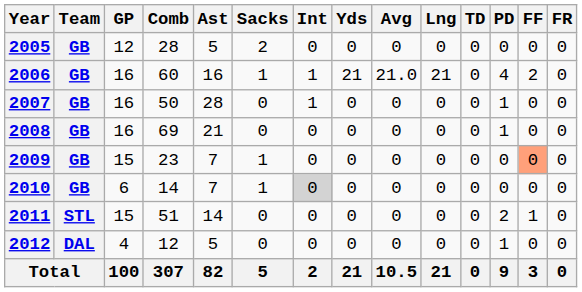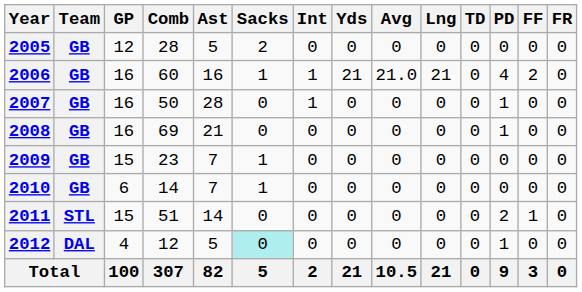 <table class="wikitable" style="text-align: center;">
 <tr>
 <th>Year</th>
 <th>Team</th>
 <th>GP</th>
 <th>Comb</th>
 <th>Ast</th>
 <th>Sacks</th>
 <th>Int</th>
 <th>Yds</th>
 <th>Avg</th>
 <th>Lng</th>
 <th>TD</th>
 <th>PD</th>
 <th>FF</th>
 <th>FR</th>
 </tr>
 <tr>
 <th><a href='#'>2005</a></th>
 <th><a href='#'>GB</a></th>
 <td>12</td>
 <td>28</td>
 <td>5</td>
 <td>2</td>
 <td>0</td>
 <td>0</td>
 <td>0</td>
 <td>0</td>
 <td>0</td>
 <td>0</td>
 <td>0</td>
 <td>0</td>
 </tr>
 <tr>
 <th><a href='#'>2006</a></th>
 <th><a href='#'>GB</a></th>
 <td>16</td>
 <td>60</td>
 <td>16</td>
 <td>1</td>
 <td>1</td>
 <td>21</td>
 <td>21.0</td>
 <td>21</td>
 <td>0</td>
 <td>4</td>
 <td>2</td>
 <td>0</td>
 </tr>
 <tr>
 <th><a href='#'>2007</a></th>
 <th><a href='#'>GB</a></th>
 <td>16</td>
 <td>50</td>
 <td>28</td>
 <td>0</td>
 <td>1</td>
 <td>0</td>
 <td>0</td>
 <td>0</td>
 <td>0</td>
 <td>1</td>
 <td>0</td>
 <td>0</td>
 </tr>
 <tr>
 <th><a href='#'>2008</a></th>
 <th><a href='#'>GB</a></th>
 <td>16</td>
 <td>69</td>
 <td>21</td>
 <td>0</td>
 <td>0</td>
 <td>0</td>
 <td>0</td>
 <td>0</td>
 <td>0</td>
 <td>1</td>
 <td>0</td>
 <td>0</td>
 </tr>
 <tr>
 <th><a href='#'>2009</a></th>
 <th><a href='#'>GB</a></th>
 <td>15</td>
 <td>23</td>
 <td>7</td>
 <td>1</td>
 <td>0</td>
 <td>0</td>
 <td>0</td>
 <td>0</td>
 <td>0</td>
 <td>0</td>
-<td style="background: lightsalmon;">0</td>
+<td>0</td>
 <td>0</td>
 </tr>
 <tr>
 <th><a href='#'>2010</a></th>
 <th><a href='#'>GB</a></th>
 <td>6</td>
 <td>14</td>
 <td>7</td>
 <td>1</td>
-<td style="background: lightgrey;">0</td>
+<td>0</td>
 <td>0</td>
 <td>0</td>
 <td>0</td>
 <td>0</td>
 <td>0</td>
 <td>0</td>
 <td>0</td>
 </tr>
 <tr>
 <th><a href='#'>2011</a></th>
 <th><a href='#'>STL</a></th>
 <td>15</td>
 <td>51</td>
 <td>14</td>
 <td>0</td>
 <td>0</td>
 <td>0</td>
 <td>0</td>
 <td>0</td>
 <td>0</td>
 <td>2</td>
 <td>1</td>
 <td>0</td>
 </tr>
 <tr>
 <th><a href='#'>2012</a></th>
 <th><a href='#'>DAL</a></th>
 <td>4</td>
 <td>12</td>
 <td>5</td>
-<td>0</td>
+<td style="background: paleturquoise;">0</td>
 <td>0</td>
 <td>0</td>
 <td>0</td>
 <td>0</td>
 <td>0</td>
 <td>1</td>
 <td>0</td>
 <td>0</td>
 </tr>
 <tr>
 <th colspan="2">Total</th>
 <th>100</th>
 <th>307</th>
 <th>82</th>
 <th>5</th>
 <th>2</th>
 <th>21</th>
 <th>10.5</th>
 <th>21</th>
 <th>0</th>
 <th>9</th>
 <th>3</th>
 <th>0</th>
 </tr>
 </table>
